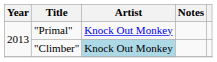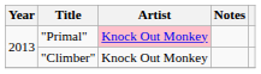 <table class="wikitable">
 <tr>
 <th>Year</th>
 <th>Title</th>
 <th>Artist</th>
 <th>Notes</th>
 <th></th>
 </tr>
 <tr>
 <td rowspan="2">2013</td>
 <td>"Primal"</td>
-<td><a href='#'>Knock Out Monkey</a></td>
+<td style="background: pink;"><a href='#'>Knock Out Monkey</a></td>
 <td></td>
 <td></td>
 </tr>
 <tr>
 <td>"Climber"</td>
-<td style="background: lightblue;">Knock Out Monkey</td>
+<td>Knock Out Monkey</td>
 <td></td>
 <td></td>
 </tr>
 <tr>
 </tr>
 </table>
